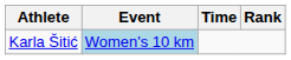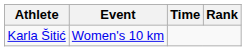 <table class="wikitable" style="font-size:90%;">
 <tr>
 <th>Athlete</th>
 <th>Event</th>
 <th>Time</th>
 <th>Rank</th>
 </tr>
 <tr align=center>
 <td align=left><a href='#'>Karla Šitić</a></td>
-<td align=left style="background: lightblue;"><a href='#'>Women's 10 km</a></td>
+<td align=left><a href='#'>Women's 10 km</a></td>
 <td colspan=2></td>
 </tr>
 </table>
